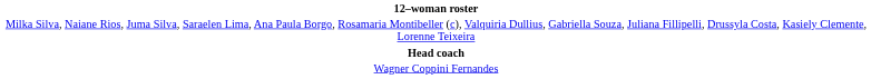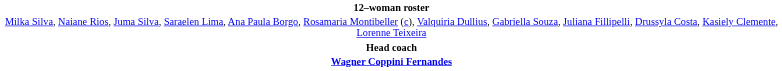 <table style="text-align: center; margin-top: 2em; margin-left: auto; margin-right: auto">
 <tr>
 <td><strong>12–woman roster</strong></td>
 </tr>
 <tr>
 <td><a href='#'>Milka Silva</a>, <a href='#'>Naiane Rios</a>, <a href='#'>Juma Silva</a>, <a href='#'>Saraelen Lima</a>, <a href='#'>Ana Paula Borgo</a>, <a href='#'>Rosamaria Montibeller</a> (<a href='#'>c</a>), <a href='#'>Valquiria Dullius</a>, <a href='#'>Gabriella Souza</a>, <a href='#'>Juliana Fillipelli</a>, <a href='#'>Drussyla Costa</a>, <a href='#'>Kasiely Clemente</a>, <a href='#'>Lorenne Teixeira</a></td>
 </tr>
 <tr>
 <td><strong>Head coach</strong></td>
 </tr>
 <tr>
-<td><a href='#'>Wagner Coppini Fernandes</a></td>
+<td><strong><a href='#'>Wagner Coppini Fernandes</a></strong></td>
 </tr>
 </table>
